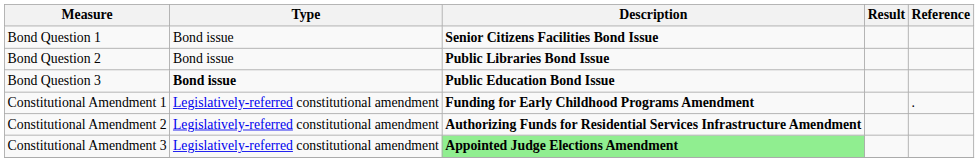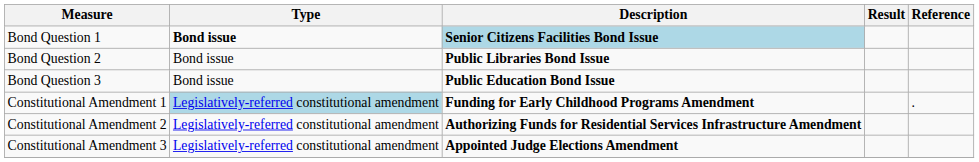 <table class="wikitable">
 <tr>
 <th>Measure</th>
 <th>Type</th>
 <th>Description</th>
 <th>Result</th>
 <th>Reference</th>
 </tr>
 <tr>
 <td>Bond Question 1</td>
-<td>Bond issue</td>
-<td><strong>Senior Citizens Facilities Bond Issue</strong></td>
+<td><strong>Bond issue</strong></td>
+<td style="background: lightblue;"><strong>Senior Citizens Facilities Bond Issue</strong></td>
 <td></td>
 <td></td>
 </tr>
 <tr>
 <td>Bond Question 2</td>
 <td>Bond issue</td>
 <td><strong>Public Libraries Bond Issue</strong></td>
 <td></td>
 <td></td>
 </tr>
 <tr>
 <td>Bond Question 3</td>
-<td><strong>Bond issue</strong></td>
+<td>Bond issue</td>
 <td><strong>Public Education Bond Issue</strong></td>
 <td></td>
 <td></td>
 </tr>
 <tr>
 <td>Constitutional Amendment 1</td>
-<td><a href='#'>Legislatively-referred</a> constitutional amendment</td>
+<td style="background: lightblue;"><a href='#'>Legislatively-referred</a> constitutional amendment</td>
 <td><strong>Funding for Early Childhood Programs Amendment</strong></td>
 <td></td>
 <td>.</td>
 </tr>
 <tr>
 <td>Constitutional Amendment 2</td>
 <td><a href='#'>Legislatively-referred</a> constitutional amendment</td>
 <td><strong>Authorizing Funds for Residential Services Infrastructure Amendment</strong></td>
 <td></td>
 <td></td>
 </tr>
 <tr>
 <td>Constitutional Amendment 3</td>
 <td><a href='#'>Legislatively-referred</a> constitutional amendment</td>
-<td style="background: lightgreen;"><strong>Appointed Judge Elections Amendment</strong></td>
+<td><strong>Appointed Judge Elections Amendment</strong></td>
 <td></td>
 <td></td>
 </tr>
 <tr>
 </tr>
 </table>
